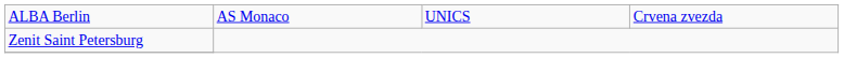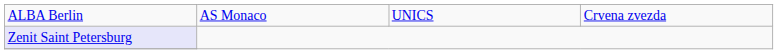 <table class="wikitable" style="table-layout:fixed;width:100%;">
 <tr>
 <td width=210> <a href='#'>ALBA Berlin</a> </td>
 <td width=210> <a href='#'>AS Monaco</a> </td>
 <td width=210> <a href='#'>UNICS</a> </td>
 <td width=210> <a href='#'>Crvena zvezda</a> </td>
 </tr>
 <tr>
-<td width=210> <a href='#'>Zenit Saint Petersburg</a> </td>
+<td width=210 style="background: lavender;"> <a href='#'>Zenit Saint Petersburg</a> </td>
 </tr>
 <tr>
 </tr>
 </table>
